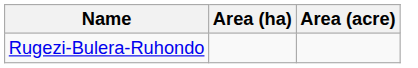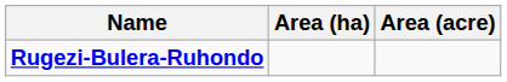 <table class="wikitable sortable">
 <tr>
 <th scope="col" align=left>Name</th>
 <th scope="col">Area (ha)</th>
 <th scope="col">Area (acre)</th>
 </tr>
 <tr ---->
-<td><a href='#'>Rugezi-Bulera-Ruhondo</a></td>
+<td><strong><a href='#'>Rugezi-Bulera-Ruhondo</a></strong></td>
 <td></td>
 </tr>
 </table>
